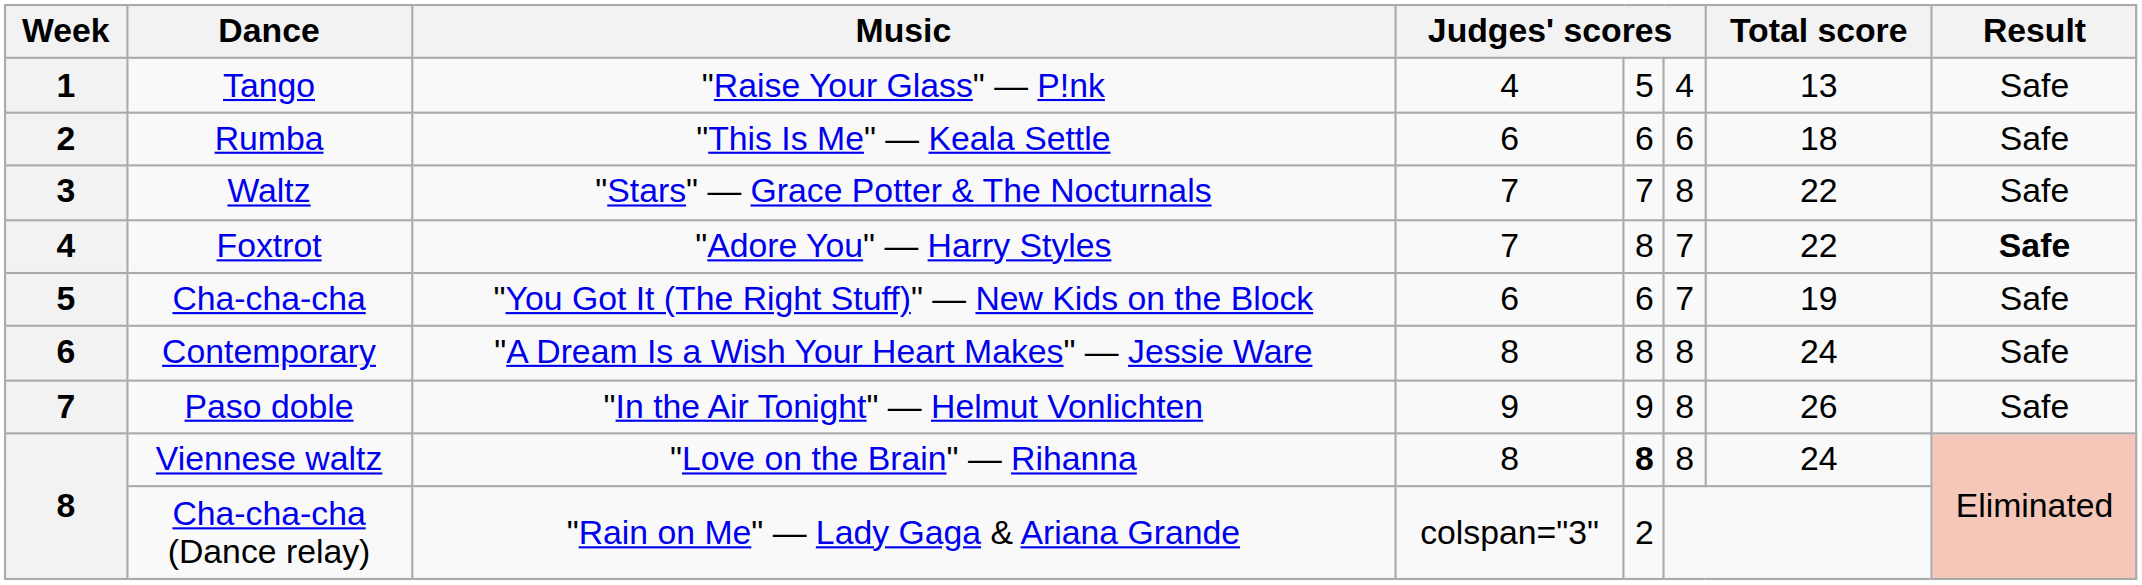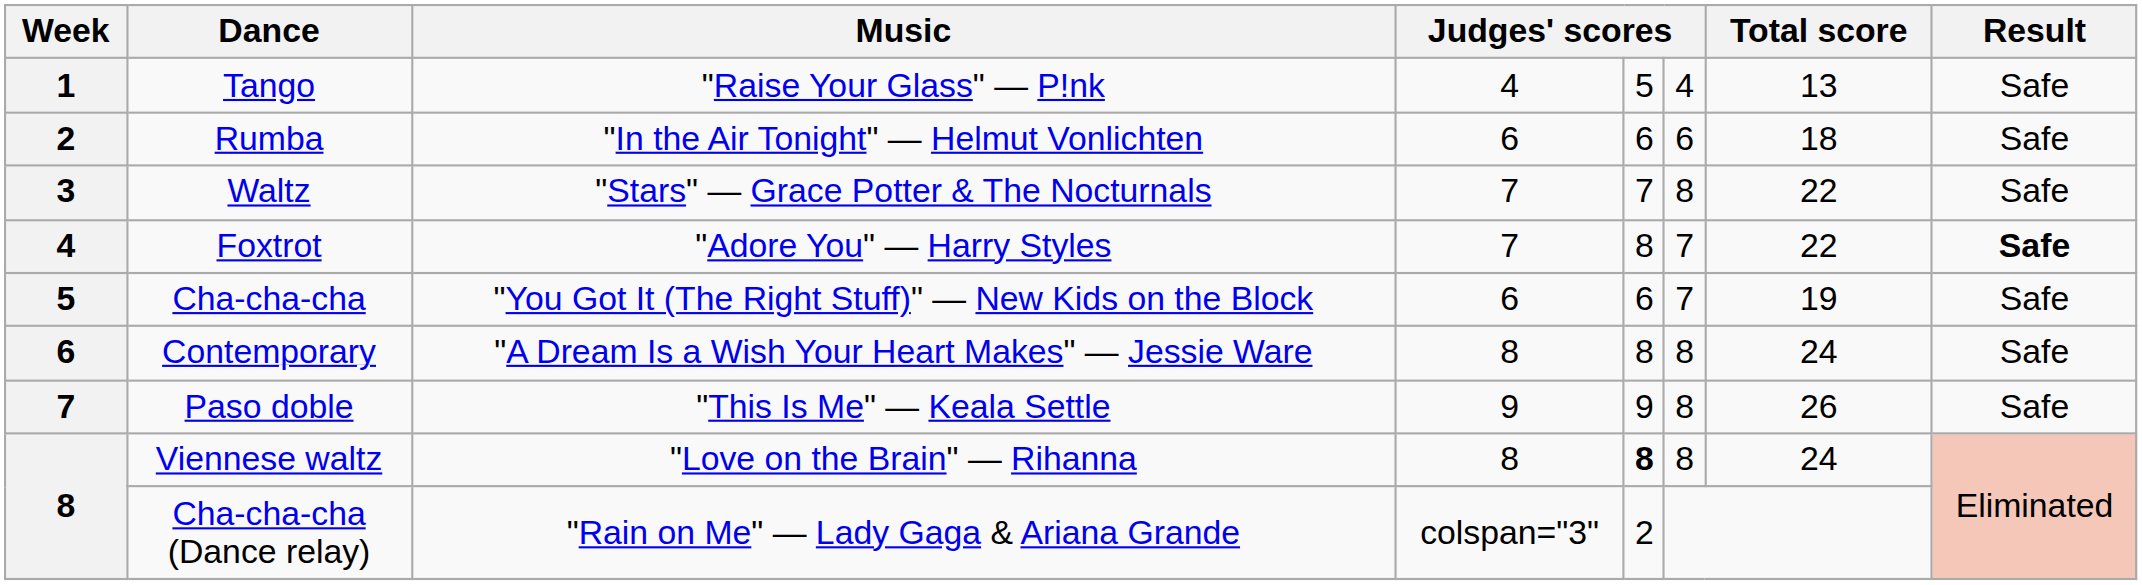 <table class="wikitable unsortable" style="text-align:center; width:80%">
 <tr>
 <th scope="col">Week</th>
 <th scope="col">Dance</th>
 <th scope="col">Music</th>
 <th scope="col" colspan="3">Judges' scores</th>
 <th scope="col">Total score</th>
 <th scope="col">Result</th>
 </tr>
 <tr>
 <th scope="row">1</th>
 <td><a href='#'>Tango</a></td>
 <td>"<a href='#'>Raise Your Glass</a>" — <a href='#'>P!nk</a></td>
 <td>4</td>
 <td>5</td>
 <td>4</td>
 <td>13</td>
 <td>Safe</td>
 </tr>
 <tr>
 <th scope="row">2</th>
 <td><a href='#'>Rumba</a></td>
-<td>"<a href='#'>This Is Me</a>" — <a href='#'>Keala Settle</a></td>
+<td>"<a href='#'>In the Air Tonight</a>" — <a href='#'>Helmut Vonlichten</a></td>
 <td>6</td>
 <td>6</td>
 <td>6</td>
 <td>18</td>
 <td>Safe</td>
 </tr>
 <tr>
 <th scope="row">3</th>
 <td><a href='#'>Waltz</a></td>
 <td>"<a href='#'>Stars</a>" — <a href='#'>Grace Potter & The Nocturnals</a></td>
 <td>7</td>
 <td>7</td>
 <td>8</td>
 <td>22</td>
 <td>Safe</td>
 </tr>
 <tr>
 <th scope="row">4</th>
 <td><a href='#'>Foxtrot</a></td>
 <td>"<a href='#'>Adore You</a>" — <a href='#'>Harry Styles</a></td>
 <td>7</td>
 <td>8</td>
 <td>7</td>
 <td>22</td>
 <td><strong>Safe</strong></td>
 </tr>
 <tr>
 <th scope="row">5</th>
 <td><a href='#'>Cha-cha-cha</a></td>
 <td>"<a href='#'>You Got It (The Right Stuff)</a>" — <a href='#'>New Kids on the Block</a></td>
 <td>6</td>
 <td>6</td>
 <td>7</td>
 <td>19</td>
 <td>Safe</td>
 </tr>
 <tr>
 <th scope="row">6</th>
 <td><a href='#'>Contemporary</a></td>
 <td>"<a href='#'>A Dream Is a Wish Your Heart Makes</a>" — <a href='#'>Jessie Ware</a></td>
 <td>8</td>
 <td>8</td>
 <td>8</td>
 <td>24</td>
 <td>Safe</td>
 </tr>
 <tr>
 <th scope="row">7</th>
 <td><a href='#'>Paso doble</a></td>
-<td>"<a href='#'>In the Air Tonight</a>" — <a href='#'>Helmut Vonlichten</a></td>
+<td>"<a href='#'>This Is Me</a>" — <a href='#'>Keala Settle</a></td>
 <td>9</td>
 <td>9</td>
 <td>8</td>
 <td>26</td>
 <td>Safe</td>
 </tr>
 <tr>
 <th rowspan="2" scope="row">8</th>
 <td><a href='#'>Viennese waltz</a></td>
 <td>"<a href='#'>Love on the Brain</a>" — <a href='#'>Rihanna</a></td>
 <td>8</td>
 <td><strong>8</strong></td>
 <td>8</td>
 <td>24</td>
 <td rowspan="2" bgcolor="f4c7b8">Eliminated</td>
 </tr>
 <tr>
 <td><a href='#'>Cha-cha-cha</a><br>(Dance relay)</td>
 <td>"<a href='#'>Rain on Me</a>" — <a href='#'>Lady Gaga</a> & <a href='#'>Ariana Grande</a></td>
 <td>colspan="3" </td>
 <td>2</td>
 </tr>
 </table>
